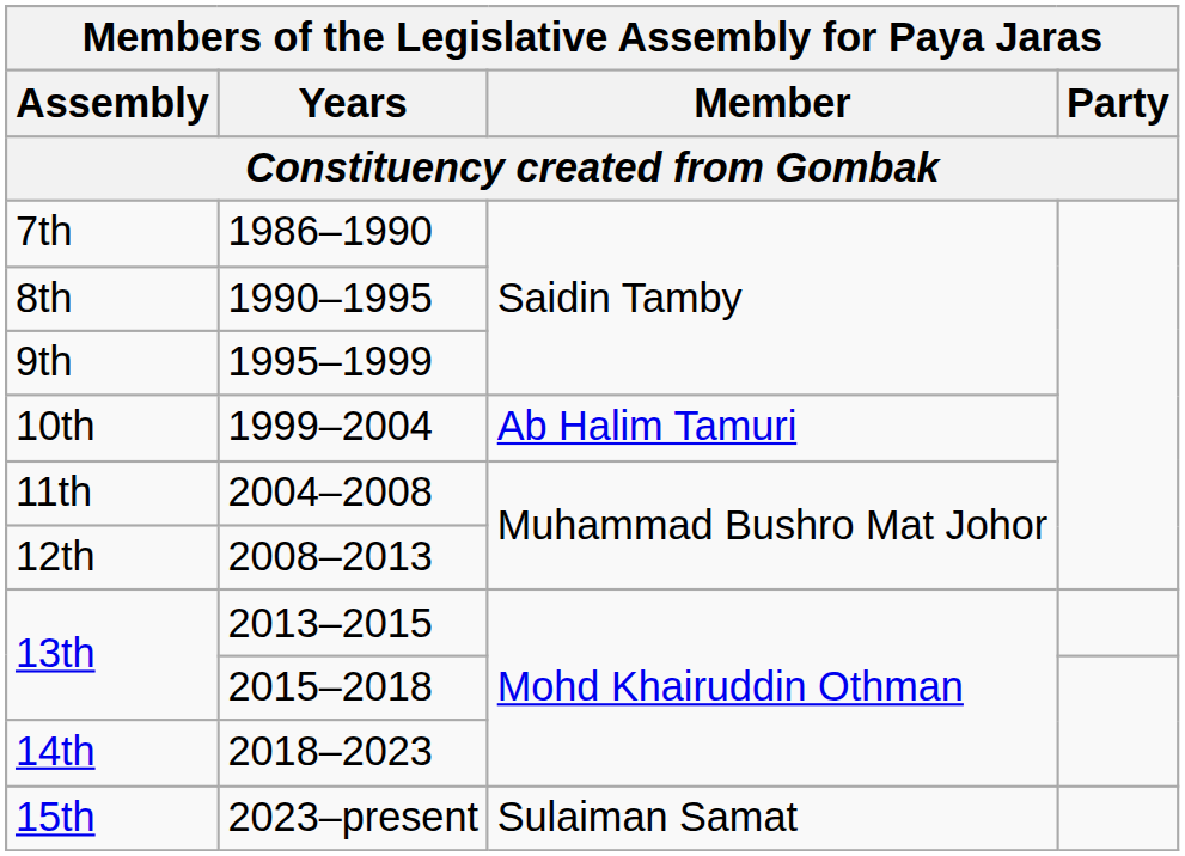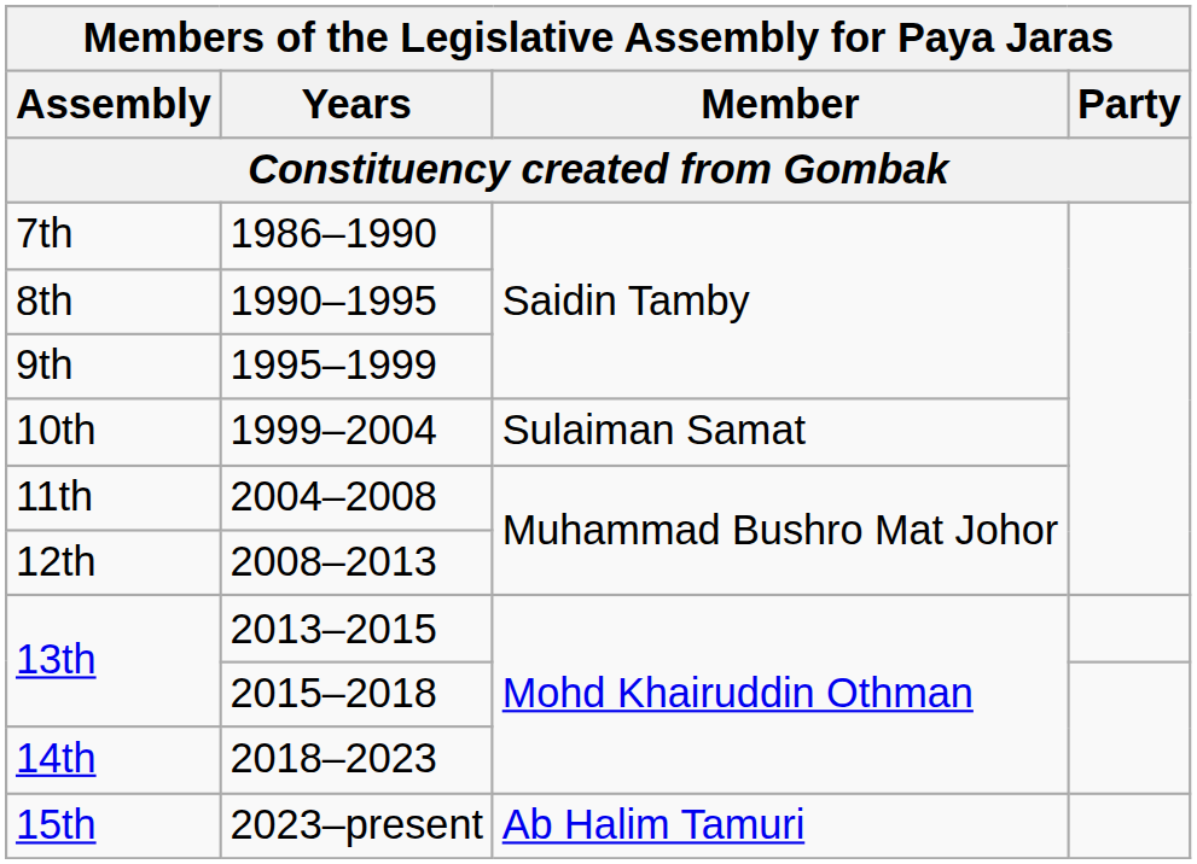 <table class=wikitable>
 <tr>
 <th colspan=4>Members of the Legislative Assembly for Paya Jaras</th>
 </tr>
 <tr>
 <th>Assembly</th>
 <th>Years</th>
 <th>Member</th>
 <th>Party</th>
 </tr>
 <tr>
 <th colspan=4 align=center><em>Constituency created from Gombak</em></th>
 </tr>
 <tr>
 <td>7th</td>
 <td>1986–1990</td>
 <td rowspan=3>Saidin Tamby</td>
 <td rowspan=6></td>
 </tr>
 <tr>
 <td>8th</td>
 <td>1990–1995</td>
 </tr>
 <tr>
 <td>9th</td>
 <td>1995–1999</td>
 </tr>
 <tr>
 <td>10th</td>
 <td>1999–2004</td>
-<td><a href='#'>Ab Halim Tamuri</a></td>
+<td>Sulaiman Samat</td>
 </tr>
 <tr>
 <td>11th</td>
 <td>2004–2008</td>
 <td rowspan=2>Muhammad Bushro Mat Johor</td>
 </tr>
 <tr>
 <td>12th</td>
 <td>2008–2013</td>
 </tr>
 <tr>
 <td rowspan=2><a href='#'>13th</a></td>
 <td>2013–2015</td>
 <td rowspan=3><a href='#'>Mohd Khairuddin Othman</a></td>
 <td></td>
 </tr>
 <tr>
 <td>2015–2018</td>
 <td rowspan=2></td>
 </tr>
 <tr>
 <td><a href='#'>14th</a></td>
 <td>2018–2023</td>
 </tr>
 <tr>
 <td><a href='#'>15th</a></td>
 <td>2023–present</td>
-<td>Sulaiman Samat</td>
+<td><a href='#'>Ab Halim Tamuri</a></td>
 <td></td>
 </tr>
 </table>
